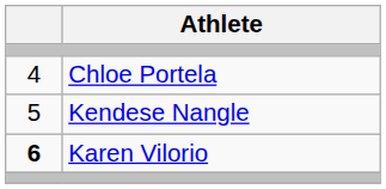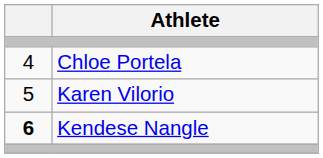 <table class="wikitable">
 <tr>
 <th width="30"></th>
 <th width="200">Athlete</th>
 </tr>
 <tr bgcolor="C0C0C0">
 <td colspan=2></td>
 </tr>
 <tr>
 <td align="center">4</td>
 <td> <a href='#'>Chloe Portela</a></td>
 </tr>
 <tr>
 <td align="center">5</td>
-<td> <a href='#'>Kendese Nangle</a></td>
+<td> <a href='#'>Karen Vilorio</a></td>
 </tr>
 <tr>
 <td align="center"><strong>6</strong></td>
-<td> <a href='#'>Karen Vilorio</a></td>
+<td> <a href='#'>Kendese Nangle</a></td>
 </tr>
 <tr bgcolor="C0C0C0">
 <td colspan=2></td>
 </tr>
 </table>
